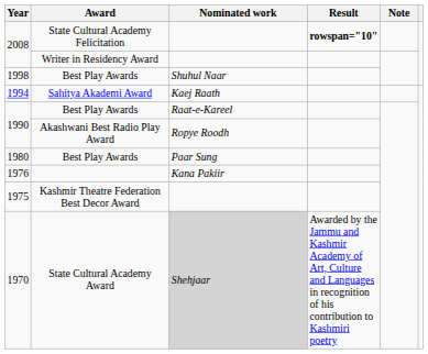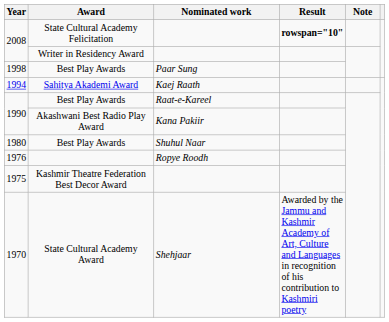 <table class="wikitable sortable" width=100%>
 <tr>
 <th width=5%>Year</th>
 <th style="width:40%;">Award</th>
 <th style="width:40%;">Nominated work</th>
 <th width=5%>Result</th>
 <th style="width:40%;">Note</th>
 <th width=5%></th>
 </tr>
 <tr>
 <td rowspan="2">2008</td>
 <td style="text-align:center;">State Cultural Academy Felicitation</td>
 <td></td>
 <td><strong>rowspan="10"</strong></td>
 <td></td>
 <td rowspan="3"></td>
 </tr>
 <tr>
 <td style="text-align:center;">Writer in Residency Award</td>
 <td></td>
 <td></td>
 </tr>
 <tr>
 <td style="text-align:center;">1998</td>
 <td style="text-align:center;">Best Play Awards</td>
-<td><em>Shuhul Naar</em></td>
+<td><em>Paar Sung</em></td>
 <td></td>
 </tr>
 <tr>
 <td style="text-align:center;"><a href='#'>1994</a></td>
 <td style="text-align:center;"><a href='#'>Sahitya Akademi Award</a></td>
 <td><em>Kaej Raath</em></td>
 <td></td>
 <td></td>
 </tr>
 <tr>
 <td rowspan="2">1990</td>
 <td style="text-align:center;">Best Play Awards</td>
 <td><em>Raat-e-Kareel</em></td>
 <td></td>
 <td rowspan="6"></td>
 </tr>
 <tr>
 <td style="text-align:center;">Akashwani Best Radio Play Award</td>
-<td><em>Ropye Roodh</em></td>
+<td><em>Kana Pakiir</em></td>
 <td></td>
 </tr>
 <tr>
 <td style="text-align:center;">1980</td>
 <td style="text-align:center;">Best Play Awards</td>
-<td><em>Paar Sung</em></td>
+<td><em>Shuhul Naar</em></td>
 <td></td>
 </tr>
 <tr>
 <td style="text-align:center;">1976</td>
 <td></td>
-<td><em>Kana Pakiir</em></td>
+<td><em>Ropye Roodh</em></td>
 <td></td>
 </tr>
 <tr>
 <td style="text-align:center;">1975</td>
 <td style="text-align:center;">Kashmir Theatre Federation Best Decor Award</td>
 <td></td>
 <td></td>
 </tr>
 <tr>
 <td style="text-align:center;">1970</td>
 <td style="text-align:center;">State Cultural Academy Award</td>
-<td style="background: lightgrey;"><em>Shehjaar</em></td>
+<td><em>Shehjaar</em></td>
 <td>Awarded by the <a href='#'>Jammu and Kashmir Academy of Art, Culture and Languages</a> in recognition of his contribution to <a href='#'>Kashmiri poetry</a></td>
 </tr>
 </table>
